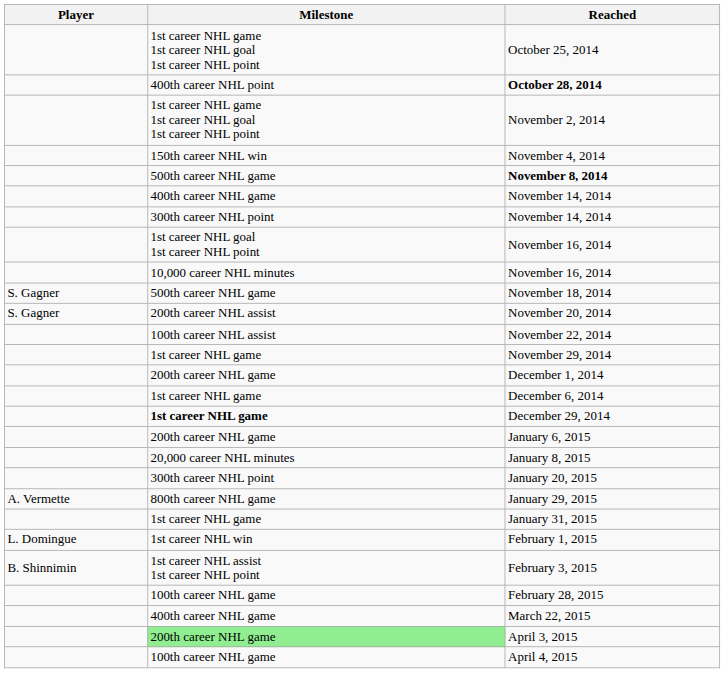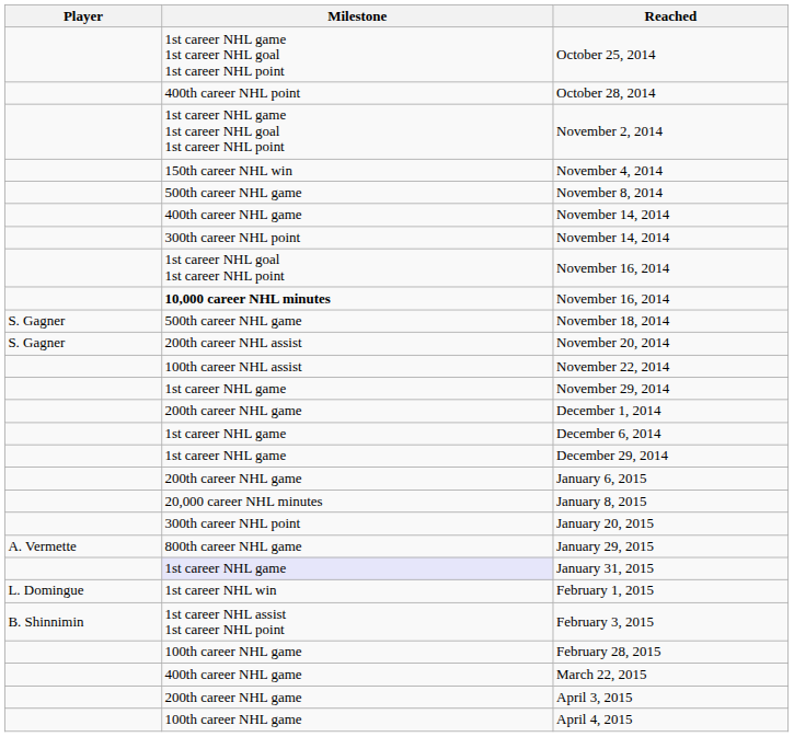 <table class="wikitable sortable" style="width:100%;">
 <tr align=center>
 <th style="width:20%;">Player</th>
 <th style="width:50%;">Milestone</th>
 <th style="width:30%;" data-sort-type="date">Reached</th>
 </tr>
 <tr>
 <td></td>
 <td>1st career NHL game<br>1st career NHL goal<br>1st career NHL point</td>
 <td>October 25, 2014</td>
 </tr>
 <tr>
 <td></td>
 <td>400th career NHL point</td>
-<td><strong>October 28, 2014</strong></td>
+<td>October 28, 2014</td>
 </tr>
 <tr>
 <td></td>
 <td>1st career NHL game<br>1st career NHL goal<br>1st career NHL point</td>
 <td>November 2, 2014</td>
 </tr>
 <tr>
 <td></td>
 <td>150th career NHL win</td>
 <td>November 4, 2014</td>
 </tr>
 <tr>
 <td></td>
 <td>500th career NHL game</td>
-<td><strong>November 8, 2014</strong></td>
+<td>November 8, 2014</td>
 </tr>
 <tr>
 <td></td>
 <td>400th career NHL game</td>
 <td>November 14, 2014</td>
 </tr>
 <tr>
 <td></td>
 <td>300th career NHL point</td>
 <td>November 14, 2014</td>
 </tr>
 <tr>
 <td></td>
 <td>1st career NHL goal<br>1st career NHL point</td>
 <td>November 16, 2014</td>
 </tr>
 <tr>
 <td></td>
-<td>10,000 career NHL minutes</td>
+<td><strong>10,000 career NHL minutes</strong></td>
 <td>November 16, 2014</td>
 </tr>
 <tr>
 <td>S. Gagner</td>
 <td>500th career NHL game</td>
 <td>November 18, 2014</td>
 </tr>
 <tr>
 <td>S. Gagner</td>
 <td>200th career NHL assist</td>
 <td>November 20, 2014</td>
 </tr>
 <tr>
 <td></td>
 <td>100th career NHL assist</td>
 <td>November 22, 2014</td>
 </tr>
 <tr>
 <td></td>
 <td>1st career NHL game</td>
 <td>November 29, 2014</td>
 </tr>
 <tr>
 <td></td>
 <td>200th career NHL game</td>
 <td>December 1, 2014</td>
 </tr>
 <tr>
 <td></td>
 <td>1st career NHL game</td>
 <td>December 6, 2014</td>
 </tr>
 <tr>
 <td></td>
-<td><strong>1st career NHL game</strong></td>
+<td>1st career NHL game</td>
 <td>December 29, 2014</td>
 </tr>
 <tr>
 <td></td>
 <td>200th career NHL game</td>
 <td>January 6, 2015</td>
 </tr>
 <tr>
 <td></td>
 <td>20,000 career NHL minutes</td>
 <td>January 8, 2015</td>
 </tr>
 <tr>
 <td></td>
 <td>300th career NHL point</td>
 <td>January 20, 2015</td>
 </tr>
 <tr>
 <td>A. Vermette</td>
 <td>800th career NHL game</td>
 <td>January 29, 2015</td>
 </tr>
 <tr>
 <td></td>
-<td>1st career NHL game</td>
+<td style="background: lavender;">1st career NHL game</td>
 <td>January 31, 2015</td>
 </tr>
 <tr>
 <td>L. Domingue</td>
 <td>1st career NHL win</td>
 <td>February 1, 2015</td>
 </tr>
 <tr>
 <td>B. Shinnimin</td>
 <td>1st career NHL assist<br>1st career NHL point</td>
 <td>February 3, 2015</td>
 </tr>
 <tr>
 <td></td>
 <td>100th career NHL game</td>
 <td>February 28, 2015</td>
 </tr>
 <tr>
 <td></td>
 <td>400th career NHL game</td>
 <td>March 22, 2015</td>
 </tr>
 <tr>
 <td></td>
-<td style="background: lightgreen;">200th career NHL game</td>
+<td>200th career NHL game</td>
 <td>April 3, 2015</td>
 </tr>
 <tr>
 <td></td>
 <td>100th career NHL game</td>
 <td>April 4, 2015</td>
 </tr>
 </table>
